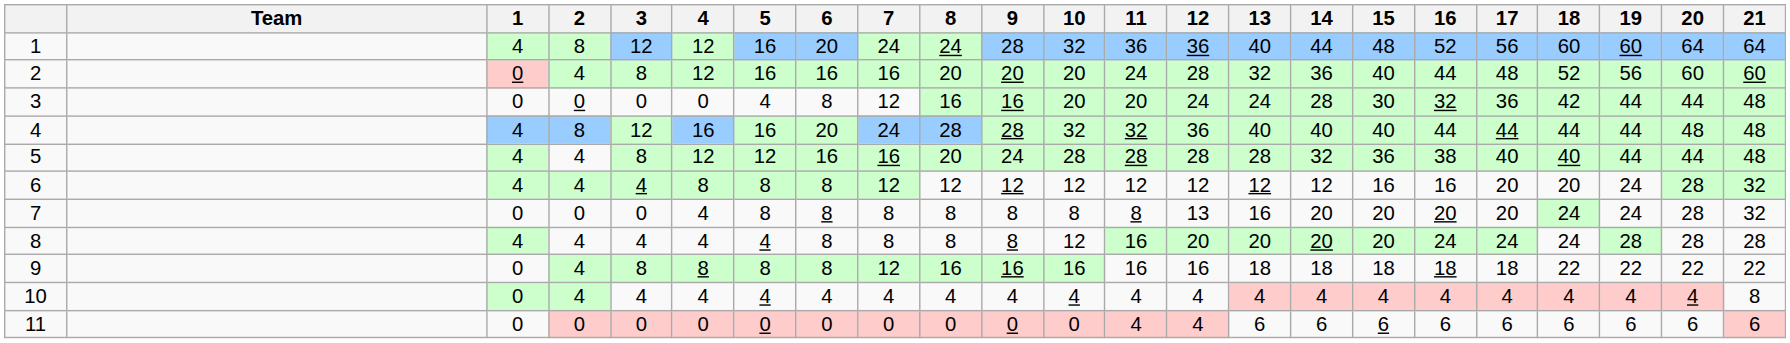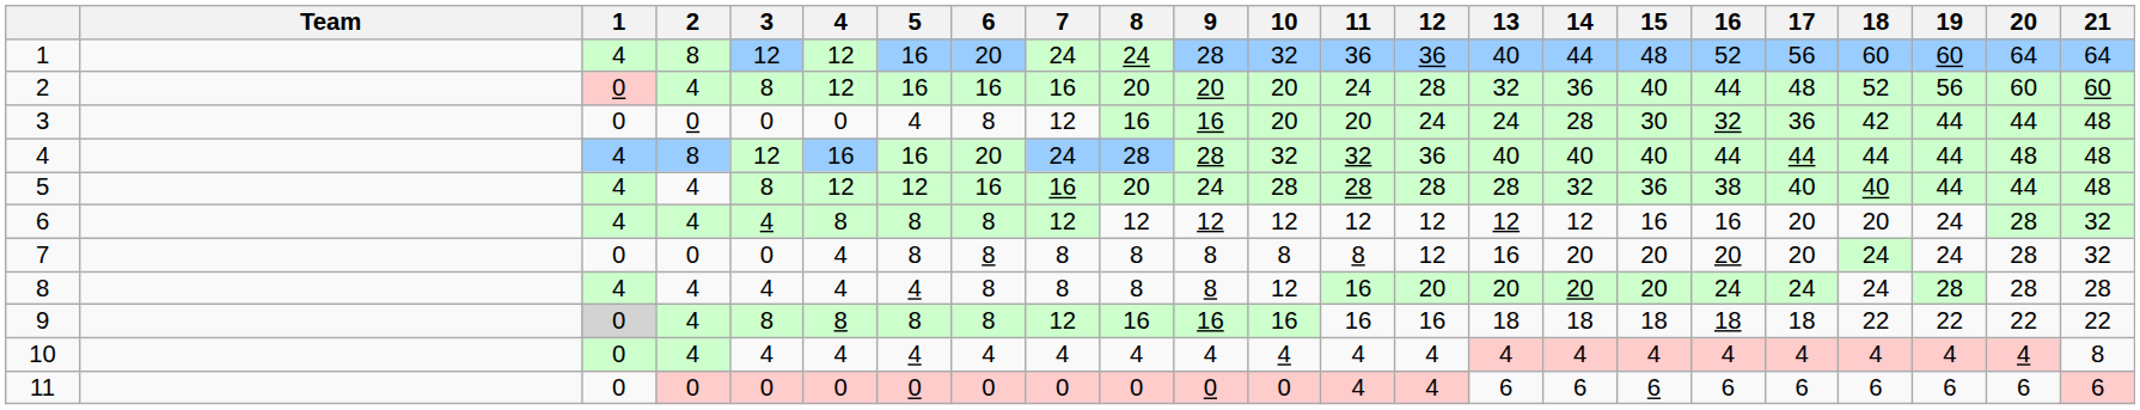 <table class="wikitable" style="text-align:center; line-height: 90%; font-size:90%; width:100%">
 <tr>
 <th width=20 abbr="Position"></th>
 <th width=175px>Team</th>
 <th width=20 abbr="Round 1">1</th>
 <th width=20 abbr="Round 2">2</th>
 <th width=20 abbr="Round 3">3</th>
 <th width=20 abbr="Round 4">4</th>
 <th width=20 abbr="Round 5">5</th>
 <th width=20 abbr="Round 6">6</th>
 <th width=20 abbr="Round 7">7</th>
 <th width=20 abbr="Round 8">8</th>
 <th width=20 abbr="Round 9">9</th>
 <th width=20 abbr="Round 10">10</th>
 <th width=20 abbr="Round 11">11</th>
 <th width=20 abbr="Round 12">12</th>
 <th width=20 abbr="Round 13">13</th>
 <th width=20 abbr="Round 14">14</th>
 <th width=20 abbr="Round 15">15</th>
 <th width=20 abbr="Round 16">16</th>
 <th width=20 abbr="Round 17">17</th>
 <th width=20 abbr="Round 18">18</th>
 <th width=20 abbr="Round 19">19</th>
 <th width=20 abbr="Round 20">20</th>
 <th width=20 abbr="Round 21">21</th>
 </tr>
 <tr>
 <td>1</td>
 <td style="text-align:left;"></td>
 <td style="background:#ccffcc;">4</td>
 <td style="background:#ccffcc;">8</td>
 <td style="background:#99ccff;">12</td>
 <td style="background:#ccffcc;">12</td>
 <td style="background:#99ccff;">16</td>
 <td style="background:#99ccff;">20</td>
 <td style="background:#ccffcc;">24</td>
 <td style="background:#ccffcc;"><u>24</u></td>
 <td style="background:#99ccff;">28</td>
 <td style="background:#99ccff;">32</td>
 <td style="background:#99ccff;">36</td>
 <td style="background:#99ccff;"><u>36</u></td>
 <td style="background:#99ccff;">40</td>
 <td style="background:#99ccff;">44</td>
 <td style="background:#99ccff;">48</td>
 <td style="background:#99ccff;">52</td>
 <td style="background:#99ccff;">56</td>
 <td style="background:#99ccff;">60</td>
 <td style="background:#99ccff;"><u>60</u></td>
 <td style="background:#99ccff;">64</td>
 <td style="background:#99ccff;">64</td>
 </tr>
 <tr>
 <td>2</td>
 <td style="text-align:left;"></td>
 <td style="background:#ffcccc;"><u>0</u></td>
 <td style="background:#ccffcc;">4</td>
 <td style="background:#ccffcc;">8</td>
 <td style="background:#ccffcc;">12</td>
 <td style="background:#ccffcc;">16</td>
 <td style="background:#ccffcc;">16</td>
 <td style="background:#ccffcc;">16</td>
 <td style="background:#ccffcc;">20</td>
 <td style="background:#ccffcc;"><u>20</u></td>
 <td style="background:#ccffcc;">20</td>
 <td style="background:#ccffcc;">24</td>
 <td style="background:#ccffcc;">28</td>
 <td style="background:#ccffcc;">32</td>
 <td style="background:#ccffcc;">36</td>
 <td style="background:#ccffcc;">40</td>
 <td style="background:#ccffcc;">44</td>
 <td style="background:#ccffcc;">48</td>
 <td style="background:#ccffcc;">52</td>
 <td style="background:#ccffcc;">56</td>
 <td style="background:#ccffcc;">60</td>
 <td style="background:#ccffcc;"><u>60</u></td>
 </tr>
 <tr>
 <td>3</td>
 <td style="text-align:left;"></td>
 <td>0</td>
 <td><u>0</u></td>
 <td>0</td>
 <td>0</td>
 <td>4</td>
 <td>8</td>
 <td>12</td>
 <td style="background:#ccffcc;">16</td>
 <td style="background:#ccffcc;"><u>16</u></td>
 <td style="background:#ccffcc;">20</td>
 <td style="background:#ccffcc;">20</td>
 <td style="background:#ccffcc;">24</td>
 <td style="background:#ccffcc;">24</td>
 <td style="background:#ccffcc;">28</td>
 <td style="background:#ccffcc;">30</td>
 <td style="background:#ccffcc;"><u>32</u></td>
 <td style="background:#ccffcc;">36</td>
 <td style="background:#ccffcc;">42</td>
 <td style="background:#ccffcc;">44</td>
 <td style="background:#ccffcc;">44</td>
 <td style="background:#ccffcc;">48</td>
 </tr>
 <tr>
 <td>4</td>
 <td style="text-align:left;"></td>
 <td style="background:#99ccff;">4</td>
 <td style="background:#99ccff;">8</td>
 <td style="background:#ccffcc;">12</td>
 <td style="background:#99ccff;">16</td>
 <td style="background:#ccffcc;">16</td>
 <td style="background:#ccffcc;">20</td>
 <td style="background:#99ccff;">24</td>
 <td style="background:#99ccff;">28</td>
 <td style="background:#ccffcc;"><u>28</u></td>
 <td style="background:#ccffcc;">32</td>
 <td style="background:#ccffcc;"><u>32</u></td>
 <td style="background:#ccffcc;">36</td>
 <td style="background:#ccffcc;">40</td>
 <td style="background:#ccffcc;">40</td>
 <td style="background:#ccffcc;">40</td>
 <td style="background:#ccffcc;">44</td>
 <td style="background:#ccffcc;"><u>44</u></td>
 <td style="background:#ccffcc;">44</td>
 <td style="background:#ccffcc;">44</td>
 <td style="background:#ccffcc;">48</td>
 <td style="background:#ccffcc;">48</td>
 </tr>
 <tr>
 <td>5</td>
 <td style="text-align:left;"></td>
 <td style="background:#ccffcc;">4</td>
 <td>4</td>
 <td style="background:#ccffcc;">8</td>
 <td style="background:#ccffcc;">12</td>
 <td style="background:#ccffcc;">12</td>
 <td style="background:#ccffcc;">16</td>
 <td style="background:#ccffcc;"><u>16</u></td>
 <td style="background:#ccffcc;">20</td>
 <td style="background:#ccffcc;">24</td>
 <td style="background:#ccffcc;">28</td>
 <td style="background:#ccffcc;"><u>28</u></td>
 <td style="background:#ccffcc;">28</td>
 <td style="background:#ccffcc;">28</td>
 <td style="background:#ccffcc;">32</td>
 <td style="background:#ccffcc;">36</td>
 <td style="background:#ccffcc;">38</td>
 <td style="background:#ccffcc;">40</td>
 <td style="background:#ccffcc;"><u>40</u></td>
 <td style="background:#ccffcc;">44</td>
 <td style="background:#ccffcc;">44</td>
 <td style="background:#ccffcc;">48</td>
 </tr>
 <tr>
 <td>6</td>
 <td style="text-align:left;"></td>
 <td style="background:#ccffcc;">4</td>
 <td style="background:#ccffcc;">4</td>
 <td style="background:#ccffcc;"><u>4</u></td>
 <td style="background:#ccffcc;">8</td>
 <td style="background:#ccffcc;">8</td>
 <td style="background:#ccffcc;">8</td>
 <td style="background:#ccffcc;">12</td>
 <td>12</td>
 <td><u>12</u></td>
 <td>12</td>
 <td>12</td>
 <td>12</td>
 <td><u>12</u></td>
 <td>12</td>
 <td>16</td>
 <td>16</td>
 <td>20</td>
 <td>20</td>
 <td>24</td>
 <td style="background:#ccffcc;">28</td>
 <td style="background:#ccffcc;">32</td>
 </tr>
 <tr>
 <td>7</td>
 <td style="text-align:left;"></td>
 <td>0</td>
 <td>0</td>
 <td>0</td>
 <td>4</td>
 <td>8</td>
 <td><u>8</u></td>
 <td>8</td>
 <td>8</td>
 <td>8</td>
 <td>8</td>
 <td><u>8</u></td>
-<td>13</td>
+<td>12</td>
 <td>16</td>
 <td>20</td>
 <td>20</td>
 <td><u>20</u></td>
 <td>20</td>
 <td style="background:#ccffcc;">24</td>
 <td>24</td>
 <td>28</td>
 <td>32</td>
 </tr>
 <tr>
 <td>8</td>
 <td style="text-align:left;"></td>
 <td style="background:#ccffcc;">4</td>
 <td>4</td>
 <td>4</td>
 <td>4</td>
 <td><u>4</u></td>
 <td>8</td>
 <td>8</td>
 <td>8</td>
 <td><u>8</u></td>
 <td>12</td>
 <td style="background:#ccffcc;">16</td>
 <td style="background:#ccffcc;">20</td>
 <td style="background:#ccffcc;">20</td>
 <td style="background:#ccffcc;"><u>20</u></td>
 <td style="background:#ccffcc;">20</td>
 <td style="background:#ccffcc;">24</td>
 <td style="background:#ccffcc;">24</td>
 <td>24</td>
 <td style="background:#ccffcc;">28</td>
 <td>28</td>
 <td>28</td>
 </tr>
 <tr>
 <td>9</td>
 <td style="text-align:left;"></td>
-<td>0</td>
+<td style="background: lightgrey;">0</td>
 <td style="background:#ccffcc;">4</td>
 <td style="background:#ccffcc;">8</td>
 <td style="background:#ccffcc;"><u>8</u></td>
 <td style="background:#ccffcc;">8</td>
 <td style="background:#ccffcc;">8</td>
 <td style="background:#ccffcc;">12</td>
 <td style="background:#ccffcc;">16</td>
 <td style="background:#ccffcc;"><u>16</u></td>
 <td style="background:#ccffcc;">16</td>
 <td>16</td>
 <td>16</td>
 <td>18</td>
 <td>18</td>
 <td>18</td>
 <td><u>18</u></td>
 <td>18</td>
 <td>22</td>
 <td>22</td>
 <td>22</td>
 <td>22</td>
 </tr>
 <tr>
 <td>10</td>
 <td style="text-align:left;"></td>
 <td style="background:#ccffcc;">0</td>
 <td style="background:#ccffcc;">4</td>
 <td>4</td>
 <td>4</td>
 <td><u>4</u></td>
 <td>4</td>
 <td>4</td>
 <td>4</td>
 <td>4</td>
 <td><u>4</u></td>
 <td>4</td>
 <td>4</td>
 <td style="background:#ffcccc;">4</td>
 <td style="background:#ffcccc;">4</td>
 <td style="background:#ffcccc;">4</td>
 <td style="background:#ffcccc;">4</td>
 <td style="background:#ffcccc;">4</td>
 <td style="background:#ffcccc;">4</td>
 <td style="background:#ffcccc;">4</td>
 <td style="background:#ffcccc;"><u>4</u></td>
 <td>8</td>
 </tr>
 <tr>
 <td>11</td>
 <td style="text-align:left;"></td>
 <td>0</td>
 <td style="background:#ffcccc;">0</td>
 <td style="background:#ffcccc;">0</td>
 <td style="background:#ffcccc;">0</td>
 <td style="background:#ffcccc;"><u>0</u></td>
 <td style="background:#ffcccc;">0</td>
 <td style="background:#ffcccc;">0</td>
 <td style="background:#ffcccc;">0</td>
 <td style="background:#ffcccc;"><u>0</u></td>
 <td style="background:#ffcccc;">0</td>
 <td style="background:#ffcccc;">4</td>
 <td style="background:#ffcccc;">4</td>
 <td>6</td>
 <td>6</td>
 <td><u>6</u></td>
 <td>6</td>
 <td>6</td>
 <td>6</td>
 <td>6</td>
 <td>6</td>
 <td style="background:#ffcccc;">6</td>
 </tr>
 </table>
